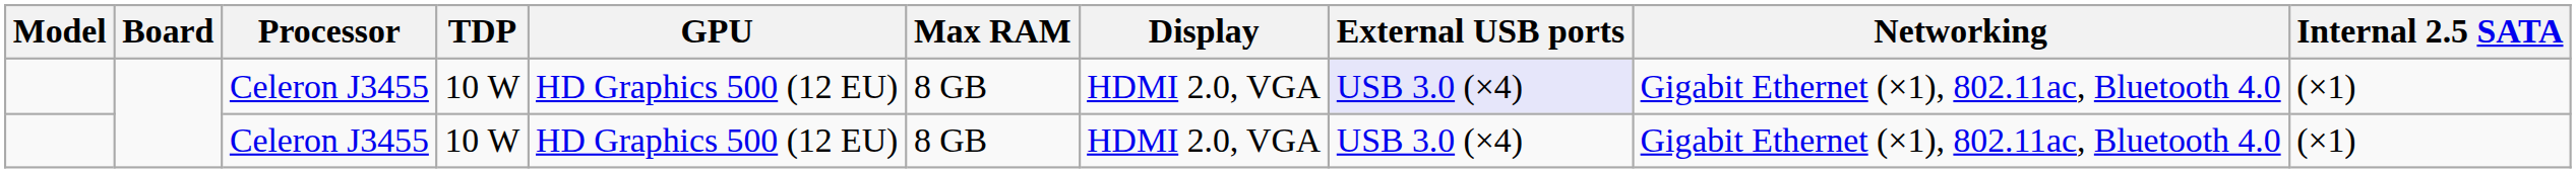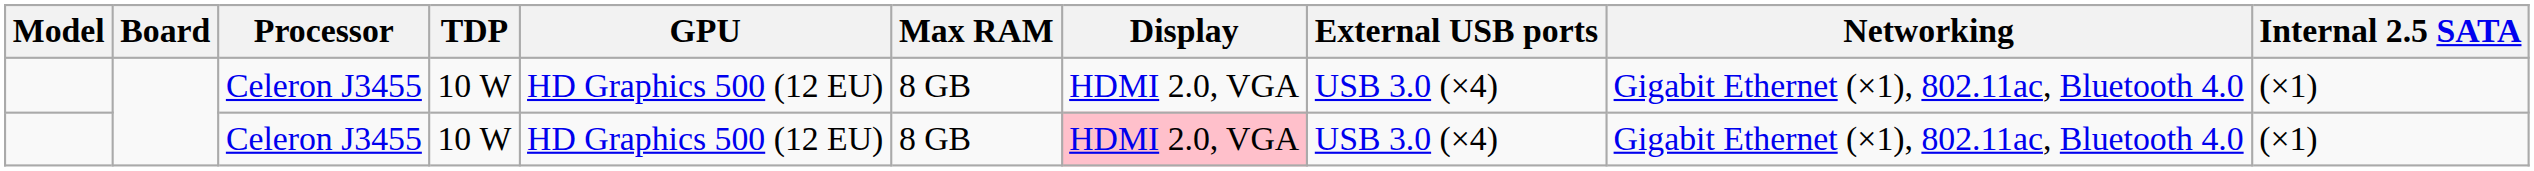 <table class="wikitable">
 <tr>
 <th>Model</th>
 <th>Board</th>
 <th>Processor</th>
 <th>TDP</th>
 <th>GPU</th>
 <th>Max RAM</th>
 <th>Display</th>
 <th>External USB ports</th>
 <th>Networking</th>
 <th>Internal 2.5 <a href='#'>SATA</a></th>
 </tr>
 <tr>
 <td></td>
 <td rowspan=2></td>
 <td><a href='#'>Celeron J3455</a></td>
 <td>10 W</td>
 <td><a href='#'>HD Graphics 500</a> (12 EU)</td>
 <td>8 GB</td>
 <td><a href='#'>HDMI</a> 2.0, VGA</td>
-<td style="background: lavender;"><a href='#'>USB 3.0</a> (×4)</td>
+<td><a href='#'>USB 3.0</a> (×4)</td>
 <td><a href='#'>Gigabit Ethernet</a> (×1), <a href='#'>802.11ac</a>, <a href='#'>Bluetooth 4.0</a></td>
 <td> (×1)</td>
 </tr>
 <tr>
 <td></td>
 <td><a href='#'>Celeron J3455</a></td>
 <td>10 W</td>
 <td><a href='#'>HD Graphics 500</a> (12 EU)</td>
 <td>8 GB</td>
-<td><a href='#'>HDMI</a> 2.0, VGA</td>
+<td style="background: pink;"><a href='#'>HDMI</a> 2.0, VGA</td>
 <td><a href='#'>USB 3.0</a> (×4)</td>
 <td><a href='#'>Gigabit Ethernet</a> (×1), <a href='#'>802.11ac</a>, <a href='#'>Bluetooth 4.0</a></td>
 <td> (×1)</td>
 </tr>
 </table>
